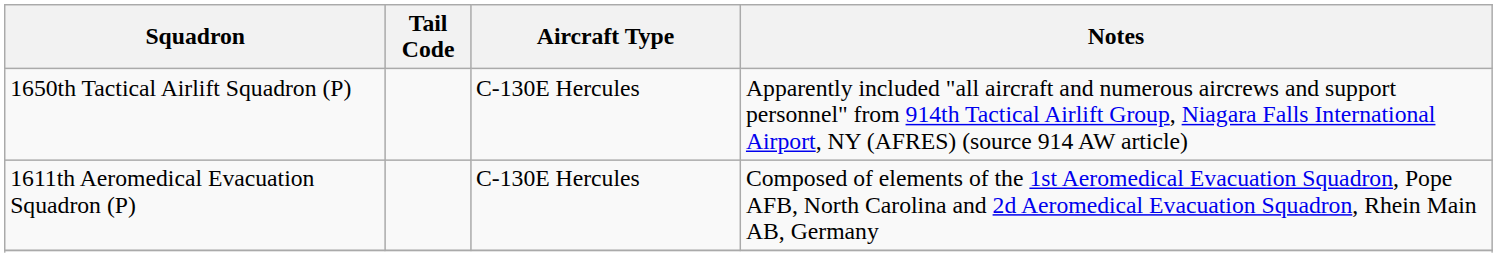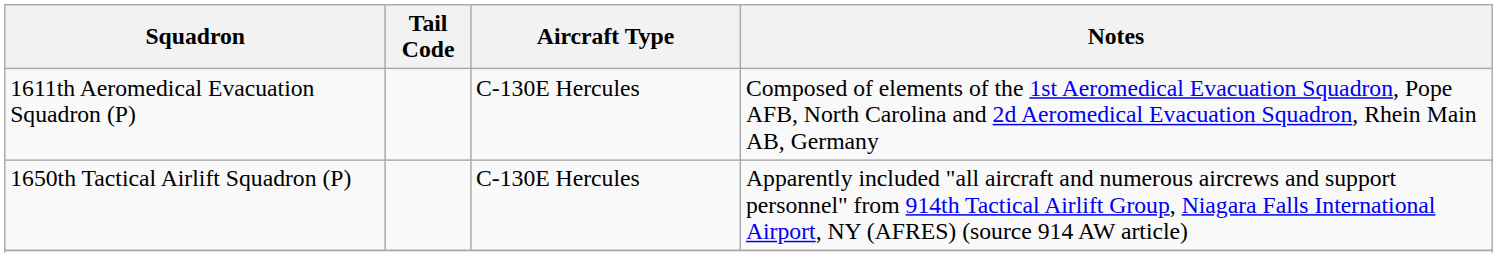 <table class="wikitable">
 <tr>
 <th scope="col" width="250">Squadron</th>
 <th scope="col" width="50">Tail Code</th>
 <th scope="col" width="175">Aircraft Type</th>
 <th scope="col" width="500">Notes</th>
 </tr>
 <tr valign="top">
+<td>1611th Aeromedical Evacuation Squadron (P)</td>
+<td></td>
+<td>C-130E Hercules</td>
+<td>Composed of elements of the <a href='#'>1st Aeromedical Evacuation Squadron</a>, Pope AFB, North Carolina and <a href='#'>2d Aeromedical Evacuation Squadron</a>, Rhein Main AB, Germany</td>
+</tr>
+<tr valign="top">
 <td>1650th Tactical Airlift Squadron (P)</td>
 <td></td>
 <td>C-130E Hercules</td>
 <td>Apparently included "all aircraft and numerous aircrews and support personnel" from <a href='#'>914th Tactical Airlift Group</a>, <a href='#'>Niagara Falls International Airport</a>, NY (AFRES) (source 914 AW article)</td>
-</tr>
-<tr valign="top">
-<td>1611th Aeromedical Evacuation Squadron (P)</td>
-<td></td>
-<td>C-130E Hercules</td>
-<td>Composed of elements of the <a href='#'>1st Aeromedical Evacuation Squadron</a>, Pope AFB, North Carolina and <a href='#'>2d Aeromedical Evacuation Squadron</a>, Rhein Main AB, Germany</td>
 </tr>
 <tr>
 </tr>
 <tr>
 </tr>
 </table>
